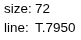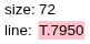 <table style="margin-left:40px;">
 <tr>
 <td>size:</td>
 <td>72</td>
 </tr>
 <tr>
 <td>line:</td>
-<td>T.7950</td>
+<td style="background: pink;">T.7950</td>
 </tr>
 </table>
